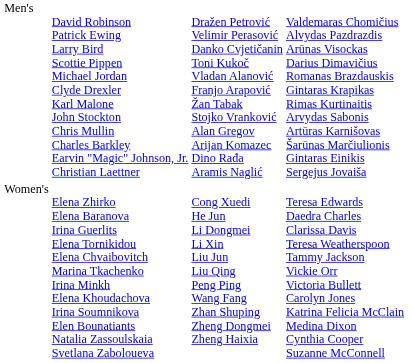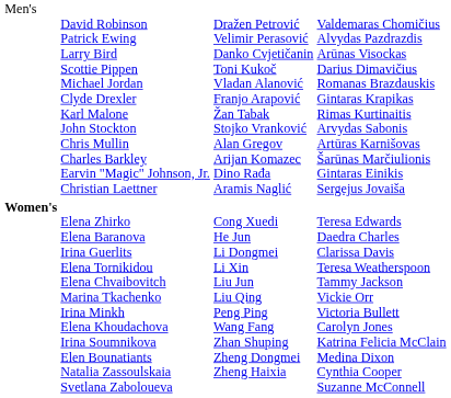 <table>
 <tr valign="top">
 <td>Men's</td>
 <td><br><a href='#'>David Robinson</a><br><a href='#'>Patrick Ewing</a> <br><a href='#'>Larry Bird</a><br> <a href='#'>Scottie Pippen</a><br> <a href='#'>Michael Jordan</a><br> <a href='#'>Clyde Drexler</a><br> <a href='#'>Karl Malone</a><br> <a href='#'>John Stockton</a><br> <a href='#'>Chris Mullin</a><br> <a href='#'>Charles Barkley</a><br> <a href='#'>Earvin "Magic" Johnson, Jr.</a><br><a href='#'>Christian Laettner</a></td>
 <td><br><a href='#'>Dražen Petrović</a><br><a href='#'>Velimir Perasović</a><br><a href='#'>Danko Cvjetičanin</a><br><a href='#'>Toni Kukoč</a><br><a href='#'>Vladan Alanović</a><br><a href='#'>Franjo Arapović</a><br><a href='#'>Žan Tabak</a><br><a href='#'>Stojko Vranković</a><br><a href='#'>Alan Gregov</a><br><a href='#'>Arijan Komazec</a><br><a href='#'>Dino Rađa</a><br><a href='#'>Aramis Naglić</a></td>
 <td><br><a href='#'>Valdemaras Chomičius</a><br><a href='#'>Alvydas Pazdrazdis</a><br><a href='#'>Arūnas Visockas</a><br><a href='#'>Darius Dimavičius</a><br><a href='#'>Romanas Brazdauskis</a><br><a href='#'>Gintaras Krapikas</a><br><a href='#'>Rimas Kurtinaitis</a><br><a href='#'>Arvydas Sabonis</a><br><a href='#'>Artūras Karnišovas</a><br><a href='#'>Šarūnas Marčiulionis</a><br><a href='#'>Gintaras Einikis</a><br><a href='#'>Sergejus Jovaiša</a></td>
 </tr>
 <tr valign="top">
-<td>Women's</td>
+<td><strong>Women's</strong></td>
 <td valign="top"><br><a href='#'>Elena Zhirko</a><br><a href='#'>Elena Baranova</a><br><a href='#'>Irina Guerlits</a><br><a href='#'>Elena Tornikidou</a><br><a href='#'>Elena Chvaibovitch</a><br><a href='#'>Marina Tkachenko</a><br><a href='#'>Irina Minkh</a><br><a href='#'>Elena Khoudachova</a><br><a href='#'>Irina Soumnikova</a><br><a href='#'>Elen Bounatiants</a><br><a href='#'>Natalia Zassoulskaia</a><br><a href='#'>Svetlana Zaboloueva</a></td>
 <td valign="top"><br><a href='#'>Cong Xuedi</a><br><a href='#'>He Jun</a><br><a href='#'>Li Dongmei</a><br><a href='#'>Li Xin</a><br><a href='#'>Liu Jun</a><br><a href='#'>Liu Qing</a><br><a href='#'>Peng Ping</a><br><a href='#'>Wang Fang</a><br><a href='#'>Zhan Shuping</a><br><a href='#'>Zheng Dongmei</a><br><a href='#'>Zheng Haixia</a></td>
 <td valign="top"><br><a href='#'>Teresa Edwards</a><br><a href='#'>Daedra Charles</a><br><a href='#'>Clarissa Davis</a><br><a href='#'>Teresa Weatherspoon</a><br><a href='#'>Tammy Jackson</a><br><a href='#'>Vickie Orr</a><br><a href='#'>Victoria Bullett</a><br><a href='#'>Carolyn Jones</a><br><a href='#'>Katrina Felicia McClain</a><br><a href='#'>Medina Dixon</a><br><a href='#'>Cynthia Cooper</a><br><a href='#'>Suzanne McConnell</a></td>
 </tr>
 </table>
